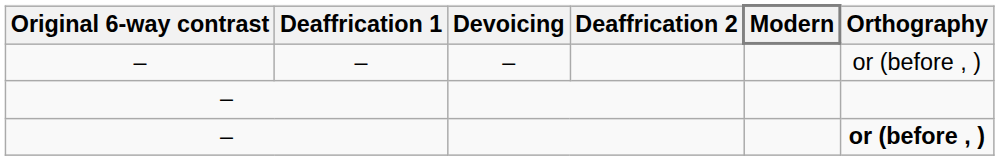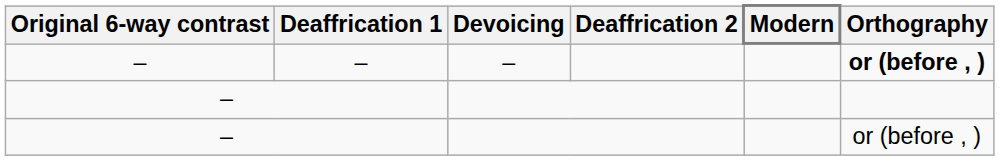 <table class="wikitable" style="text-align: center; margin: 1em 1em 1em 2em;">
 <tr>
 <th>Original 6-way contrast</th>
 <th>Deaffrication 1</th>
 <th>Devoicing</th>
 <th>Deaffrication 2</th>
 <th style="border:2px solid grey;">Modern </th>
 <th>Orthography</th>
 </tr>
 <tr>
 <td> – </td>
 <td> – </td>
 <td> – </td>
 <td></td>
 <td></td>
-<td> or  (before , )</td>
+<td><strong> or  (before , )</strong></td>
 </tr>
 <tr>
 <td colspan=2> – </td>
 <td colspan=2></td>
 <td></td>
 <td></td>
 </tr>
 <tr>
 <td colspan=2> – </td>
 <td colspan=2></td>
 <td></td>
-<td><strong> or  (before , )</strong></td>
+<td> or  (before , )</td>
 </tr>
 </table>
